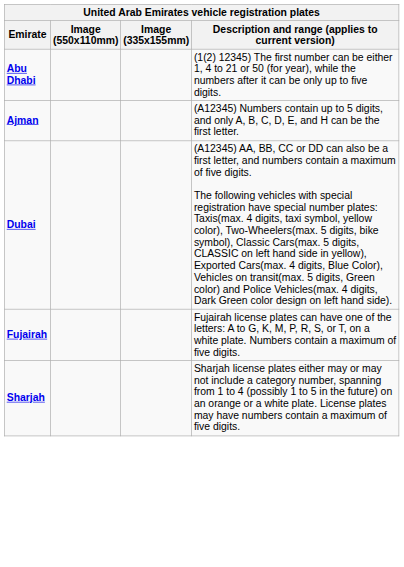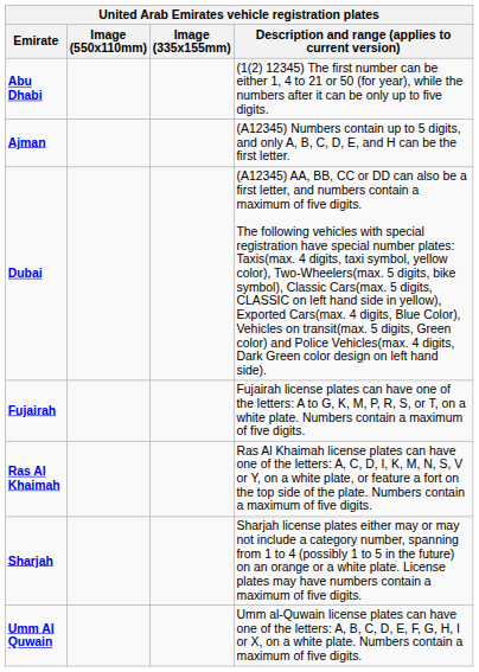 <table class="wikitable" style="font-size: 100%">
 <tr>
 <th colspan="4">United Arab Emirates vehicle registration plates</th>
 </tr>
 <tr>
 <th>Emirate</th>
 <th>Image<br>(550x110mm)</th>
 <th>Image<br>(335x155mm)</th>
 <th>Description and range (applies to current version)</th>
 </tr>
 <tr>
 <td><strong><a href='#'>Abu Dhabi</a></strong></td>
 <td><br></td>
 <td><br></td>
 <td>(1(2) 12345) The first number can be either 1, 4 to 21 or 50 (for year), while the numbers after it can be only up to five digits.</td>
 </tr>
 <tr>
 <td><strong><a href='#'>Ajman</a></strong></td>
 <td><br></td>
 <td><br></td>
 <td>(A12345) Numbers contain up to 5 digits, and only A, B, C, D, E, and H can be the first letter.</td>
 </tr>
 <tr>
 <td><strong><a href='#'>Dubai</a></strong></td>
 <td><br></td>
 <td><br></td>
 <td>(A12345) AA, BB, CC or DD can also be a first letter, and numbers contain a maximum of five digits.<br><br>The following vehicles with special registration have special number plates: <br>Taxis(max. 4 digits, taxi symbol, yellow color), Two-Wheelers(max. 5 digits, bike symbol), Classic Cars(max. 5 digits, CLASSIC on left hand side in yellow), Exported Cars(max. 4 digits, Blue Color), Vehicles on transit(max. 5 digits, Green color) and Police Vehicles(max. 4 digits, Dark Green color design on left hand side).</td>
 </tr>
 <tr>
 <td><strong><a href='#'>Fujairah</a></strong></td>
 <td><br> </td>
 <td><br> </td>
 <td>Fujairah license plates can have  one of the letters: A to G, K, M, P, R, S, or T, on a white plate. Numbers contain a maximum of five digits.</td>
 </tr>
 <tr>
+<td><strong><a href='#'>Ras Al Khaimah</a></strong></td>
+<td><br></td>
+<td><br></td>
+<td>Ras Al Khaimah license plates can have one of the letters: A, C, D, I, K, M, N, S, V or Y, on a white plate, or feature a fort on the top side of the plate. Numbers contain a maximum of five digits.</td>
+</tr>
+<tr>
 <td><strong><a href='#'>Sharjah</a></strong></td>
 <td></td>
 <td></td>
 <td>Sharjah license plates  either may or may not include a category number, spanning from 1 to 4 (possibly 1 to 5 in the future) on an orange or a white plate. License plates may have numbers contain a maximum of five digits.</td>
 </tr>
+<tr>
+<td><strong><a href='#'>Umm Al Quwain</a></strong></td>
+<td><br><br> </td>
+<td><br><br> </td>
+<td>Umm al-Quwain license plates can have one of the letters: A, B, C, D, E, F, G, H, I or X, on a white plate. Numbers contain a maximum of five digits.</td>
+</tr>
 </table>
